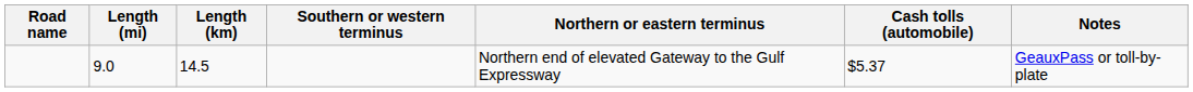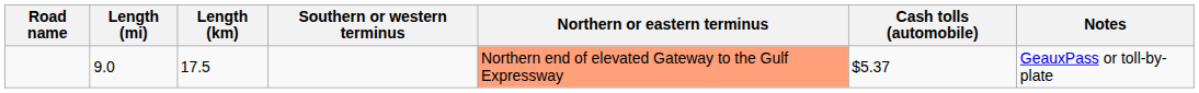 <table class="wikitable">
 <tr>
 <th scope="col">Road name</th>
 <th scope="col">Length (mi)</th>
 <th scope="col">Length (km)</th>
 <th scope="col">Southern or western terminus</th>
 <th scope="col">Northern or eastern terminus</th>
 <th scope="col">Cash tolls (automobile)</th>
 <th scope="col">Notes</th>
 </tr>
 <tr>
 <td></td>
 <td>9.0</td>
-<td>14.5</td>
+<td>17.5</td>
 <td></td>
-<td>Northern end of elevated Gateway to the Gulf Expressway</td>
+<td style="background: lightsalmon;">Northern end of elevated Gateway to the Gulf Expressway</td>
 <td>$5.37</td>
 <td><a href='#'>GeauxPass</a> or toll-by-plate</td>
 </tr>
 </table>
